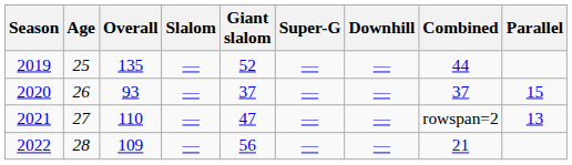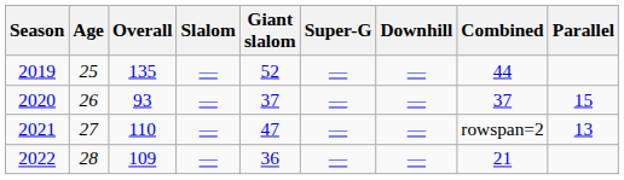 <table class=wikitable style="text-align:center">
 <tr>
 <th>Season</th>
 <th>Age</th>
 <th>Overall</th>
 <th>Slalom</th>
 <th>Giant<br>slalom</th>
 <th>Super-G</th>
 <th>Downhill</th>
 <th>Combined</th>
 <th>Parallel</th>
 </tr>
 <tr>
 <td><a href='#'>2019</a></td>
 <td><em>25</em></td>
 <td><a href='#'>135</a></td>
 <td><a href='#'>—</a></td>
 <td><a href='#'>52</a></td>
 <td><a href='#'>—</a></td>
 <td><a href='#'>—</a></td>
 <td><a href='#'>44</a></td>
 <td></td>
 </tr>
 <tr>
 <td><a href='#'>2020</a></td>
 <td><em>26</em></td>
 <td><a href='#'>93</a></td>
 <td><a href='#'>—</a></td>
 <td><a href='#'>37</a></td>
 <td><a href='#'>—</a></td>
 <td><a href='#'>—</a></td>
 <td><a href='#'>37</a></td>
 <td><a href='#'>15</a></td>
 </tr>
 <tr>
 <td><a href='#'>2021</a></td>
 <td><em>27</em></td>
 <td><a href='#'>110</a></td>
 <td><a href='#'>—</a></td>
 <td><a href='#'>47</a></td>
 <td><a href='#'>—</a></td>
 <td><a href='#'>—</a></td>
 <td>rowspan=2 </td>
 <td><a href='#'>13</a></td>
 </tr>
 <tr>
 <td><a href='#'>2022</a></td>
 <td><em>28</em></td>
 <td><a href='#'>109</a></td>
 <td><a href='#'>—</a></td>
-<td><a href='#'>56</a></td>
+<td><a href='#'>36</a></td>
 <td><a href='#'>—</a></td>
 <td><a href='#'>—</a></td>
 <td><a href='#'>21</a></td>
 </tr>
 </table>
